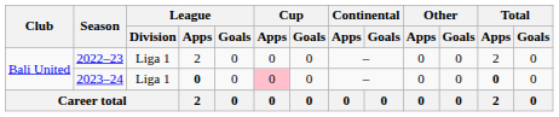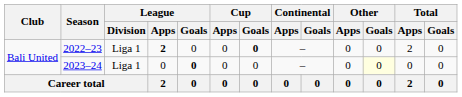 <table class="wikitable" style="text-align: center">
 <tr>
 <th rowspan="2">Club</th>
 <th rowspan="2">Season</th>
 <th colspan="3">League</th>
 <th colspan="2">Cup</th>
 <th colspan="2">Continental</th>
 <th colspan="2">Other</th>
 <th colspan="2">Total</th>
 </tr>
 <tr>
 <th>Division</th>
 <th>Apps</th>
 <th>Goals</th>
 <th>Apps</th>
 <th>Goals</th>
 <th>Apps</th>
 <th>Goals</th>
 <th>Apps</th>
 <th>Goals</th>
 <th>Apps</th>
 <th>Goals</th>
 </tr>
 <tr>
 <td rowspan="2" valign="center"><a href='#'>Bali United</a></td>
 <td><a href='#'>2022–23</a></td>
 <td rowspan="1" valign="center">Liga 1</td>
-<td>2</td>
+<td><strong>2</strong></td>
 <td>0</td>
 <td>0</td>
-<td>0</td>
+<td><strong>0</strong></td>
 <td colspan="2">–</td>
 <td>0</td>
 <td>0</td>
 <td>2</td>
 <td>0</td>
 </tr>
 <tr>
 <td><a href='#'>2023–24</a></td>
 <td>Liga 1</td>
+<td>0</td>
 <td><strong>0</strong></td>
 <td>0</td>
-<td style="background: pink;">0</td>
 <td>0</td>
 <td colspan="2">–</td>
 <td>0</td>
+<td style="background: lightyellow;">0</td>
 <td>0</td>
-<td><strong>0</strong></td>
 <td>0</td>
 </tr>
 <tr>
 <th colspan=3>Career total</th>
 <th>2</th>
 <th>0</th>
 <th>0</th>
 <th>0</th>
 <th>0</th>
 <th>0</th>
 <th>0</th>
 <th>0</th>
 <th>2</th>
 <th>0</th>
 </tr>
 </table>
